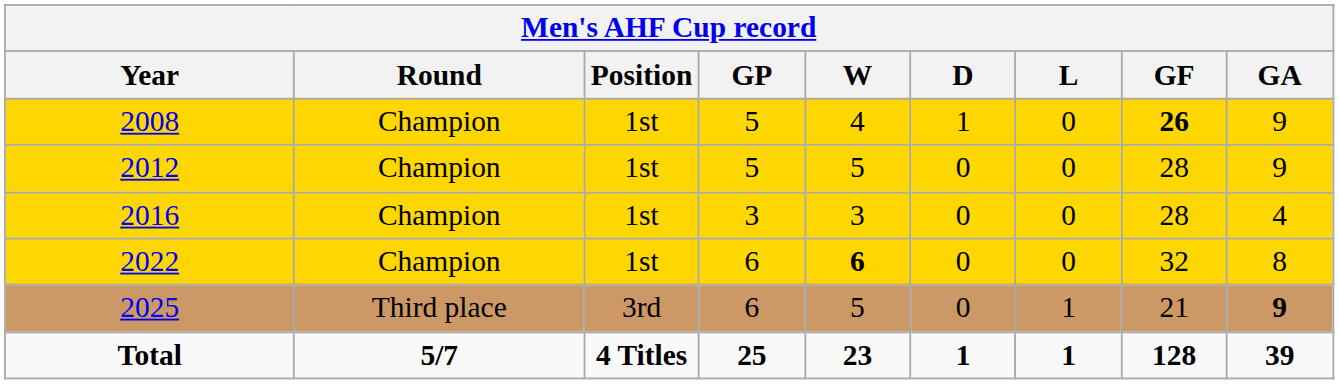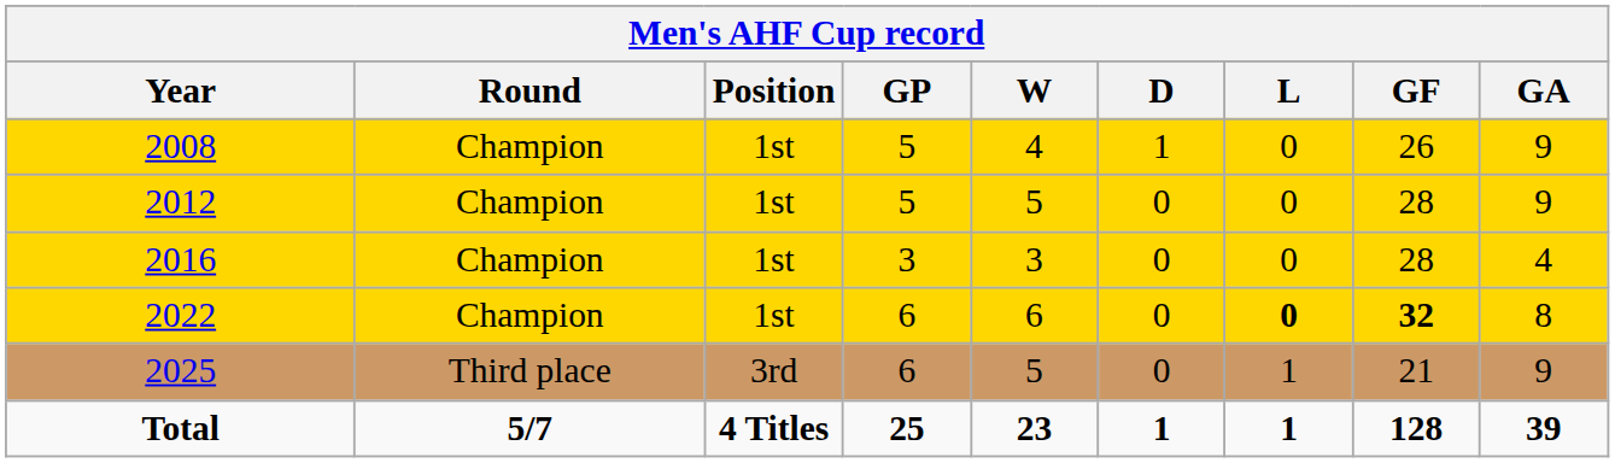 <table class="wikitable" style="text-align: center;">
 <tr>
 <th colspan=9><a href='#'>Men's AHF Cup record</a></th>
 </tr>
 <tr>
 <th width=150>Year</th>
 <th width=150>Round</th>
 <th width=50>Position</th>
 <th width=50>GP</th>
 <th width=50>W</th>
 <th width=50>D</th>
 <th width=50>L</th>
 <th width=50>GF</th>
 <th width=50>GA</th>
 </tr>
 <tr bgcolor=gold>
 <td> <a href='#'>2008</a></td>
 <td>Champion</td>
 <td>1st</td>
 <td>5</td>
 <td>4</td>
 <td>1</td>
 <td>0</td>
-<td><strong>26</strong></td>
+<td>26</td>
 <td>9</td>
 </tr>
 <tr bgcolor=gold>
 <td> <a href='#'>2012</a></td>
 <td>Champion</td>
 <td>1st</td>
 <td>5</td>
 <td>5</td>
 <td>0</td>
 <td>0</td>
 <td>28</td>
 <td>9</td>
 </tr>
 <tr bgcolor=gold>
 <td> <a href='#'>2016</a></td>
 <td>Champion</td>
 <td>1st</td>
 <td>3</td>
 <td>3</td>
 <td>0</td>
 <td>0</td>
 <td>28</td>
 <td>4</td>
 </tr>
 <tr bgcolor=gold>
 <td> <a href='#'>2022</a></td>
 <td>Champion</td>
 <td>1st</td>
 <td>6</td>
-<td><strong>6</strong></td>
+<td>6</td>
 <td>0</td>
-<td>0</td>
-<td>32</td>
+<td><strong>0</strong></td>
+<td><strong>32</strong></td>
 <td>8</td>
 </tr>
 <tr bgcolor=#cc9966>
 <td> <a href='#'>2025</a></td>
 <td>Third place</td>
 <td>3rd</td>
 <td>6</td>
 <td>5</td>
 <td>0</td>
 <td>1</td>
 <td>21</td>
-<td><strong>9</strong></td>
+<td>9</td>
 </tr>
 <tr>
 <td><strong>Total</strong></td>
 <td><strong>5/7</strong></td>
 <td><strong>4 Titles</strong></td>
 <td><strong>25</strong></td>
 <td><strong>23</strong></td>
 <td><strong>1</strong></td>
 <td><strong>1</strong></td>
 <td><strong>128</strong></td>
 <td><strong>39</strong></td>
 </tr>
 </table>
